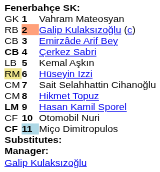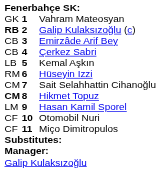 <table style="font-size: 90%" cellspacing="0" cellpadding="0" align=center>
 <tr>
 <td colspan="4"><strong>Fenerbahçe SK:</strong></td>
 </tr>
 <tr>
 <th width="25"></th>
 <th width="25"></th>
 </tr>
 <tr>
 <td>GK</td>
 <td><strong>1</strong></td>
 <td> Vahram Mateosyan</td>
 </tr>
 <tr>
-<td>RB</td>
-<td style="background: lightsalmon;"><strong>2</strong></td>
+<td><strong>RB</strong></td>
+<td><strong>2</strong></td>
 <td> <a href='#'>Galip Kulaksızoğlu</a> (<a href='#'>c</a>)</td>
 </tr>
 <tr>
 <td>CB</td>
 <td><strong>3</strong></td>
 <td> <a href='#'>Emirzâde Arif Bey</a></td>
 </tr>
 <tr>
-<td><strong>CB</strong></td>
+<td>CB</td>
 <td><strong>4</strong></td>
 <td> <a href='#'>Çerkez Sabri</a></td>
 </tr>
 <tr>
 <td>LB</td>
 <td><strong>5</strong></td>
 <td> Kemal Aşkın</td>
 </tr>
 <tr>
-<td style="background: khaki;">RM</td>
+<td>RM</td>
 <td><strong>6</strong></td>
 <td> <a href='#'>Hüseyin Izzi</a></td>
 </tr>
 <tr>
 <td>CM</td>
 <td><strong>7</strong></td>
 <td> Sait Selahhattin Cihanoğlu</td>
 </tr>
 <tr>
-<td>CM</td>
+<td><strong>CM</strong></td>
 <td><strong>8</strong></td>
 <td> <a href='#'>Hikmet Topuz</a></td>
 </tr>
 <tr>
-<td><strong>LM</strong></td>
+<td>LM</td>
 <td><strong>9</strong></td>
 <td> <a href='#'>Hasan Kamil Sporel</a></td>
 </tr>
 <tr>
 <td>CF</td>
 <td><strong>10</strong></td>
 <td> Otomobil Nuri</td>
 </tr>
 <tr>
-<td><strong>CF</strong></td>
-<td style="background: lightblue;"><strong>11</strong></td>
+<td>CF</td>
+<td><strong>11</strong></td>
 <td> Miço Dimitropulos</td>
 </tr>
 <tr>
 <td colspan=4><strong>Substitutes:</strong></td>
 </tr>
 <tr>
 <td colspan=4><strong>Manager:</strong></td>
 </tr>
 <tr>
 <td colspan="4"> <a href='#'>Galip Kulaksızoğlu</a></td>
 </tr>
 </table>
